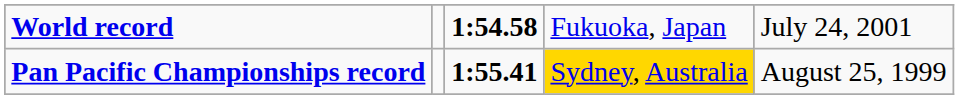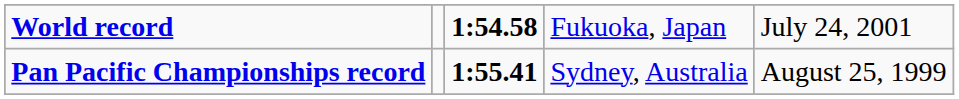 <table class="wikitable">
 <tr>
 <td><strong><a href='#'>World record</a></strong></td>
 <td></td>
 <td><strong>1:54.58</strong></td>
 <td><a href='#'>Fukuoka</a>, <a href='#'>Japan</a></td>
 <td>July 24, 2001</td>
 </tr>
 <tr>
 <td><strong><a href='#'>Pan Pacific Championships record</a></strong></td>
 <td></td>
 <td><strong>1:55.41</strong></td>
-<td style="background: gold;"><a href='#'>Sydney</a>, <a href='#'>Australia</a></td>
+<td><a href='#'>Sydney</a>, <a href='#'>Australia</a></td>
 <td>August 25, 1999</td>
 </tr>
 </table>
